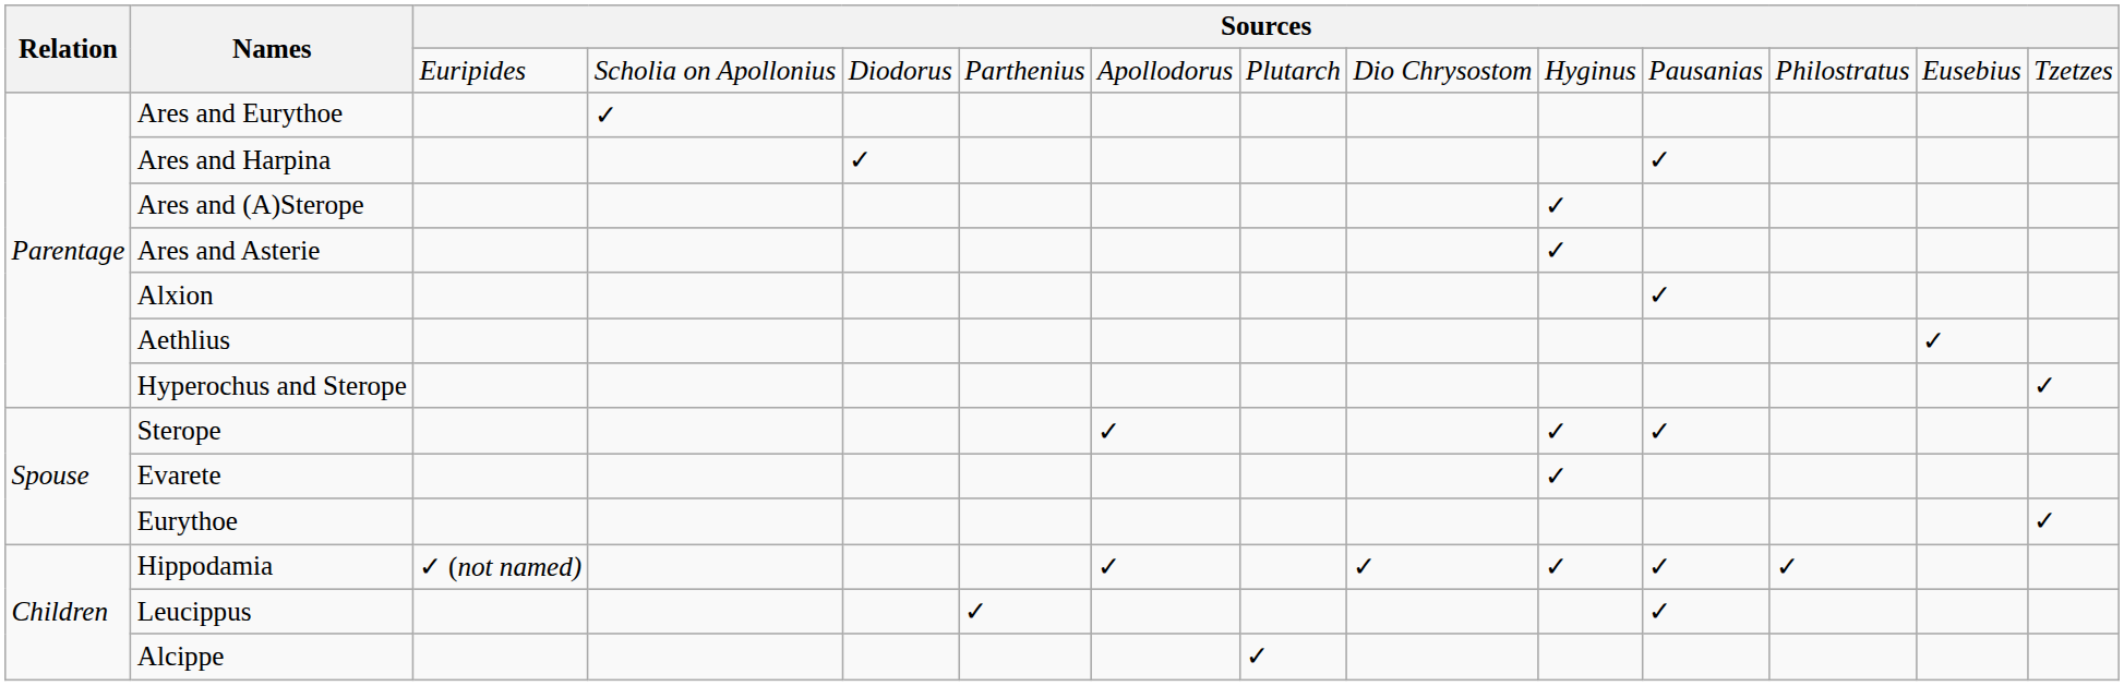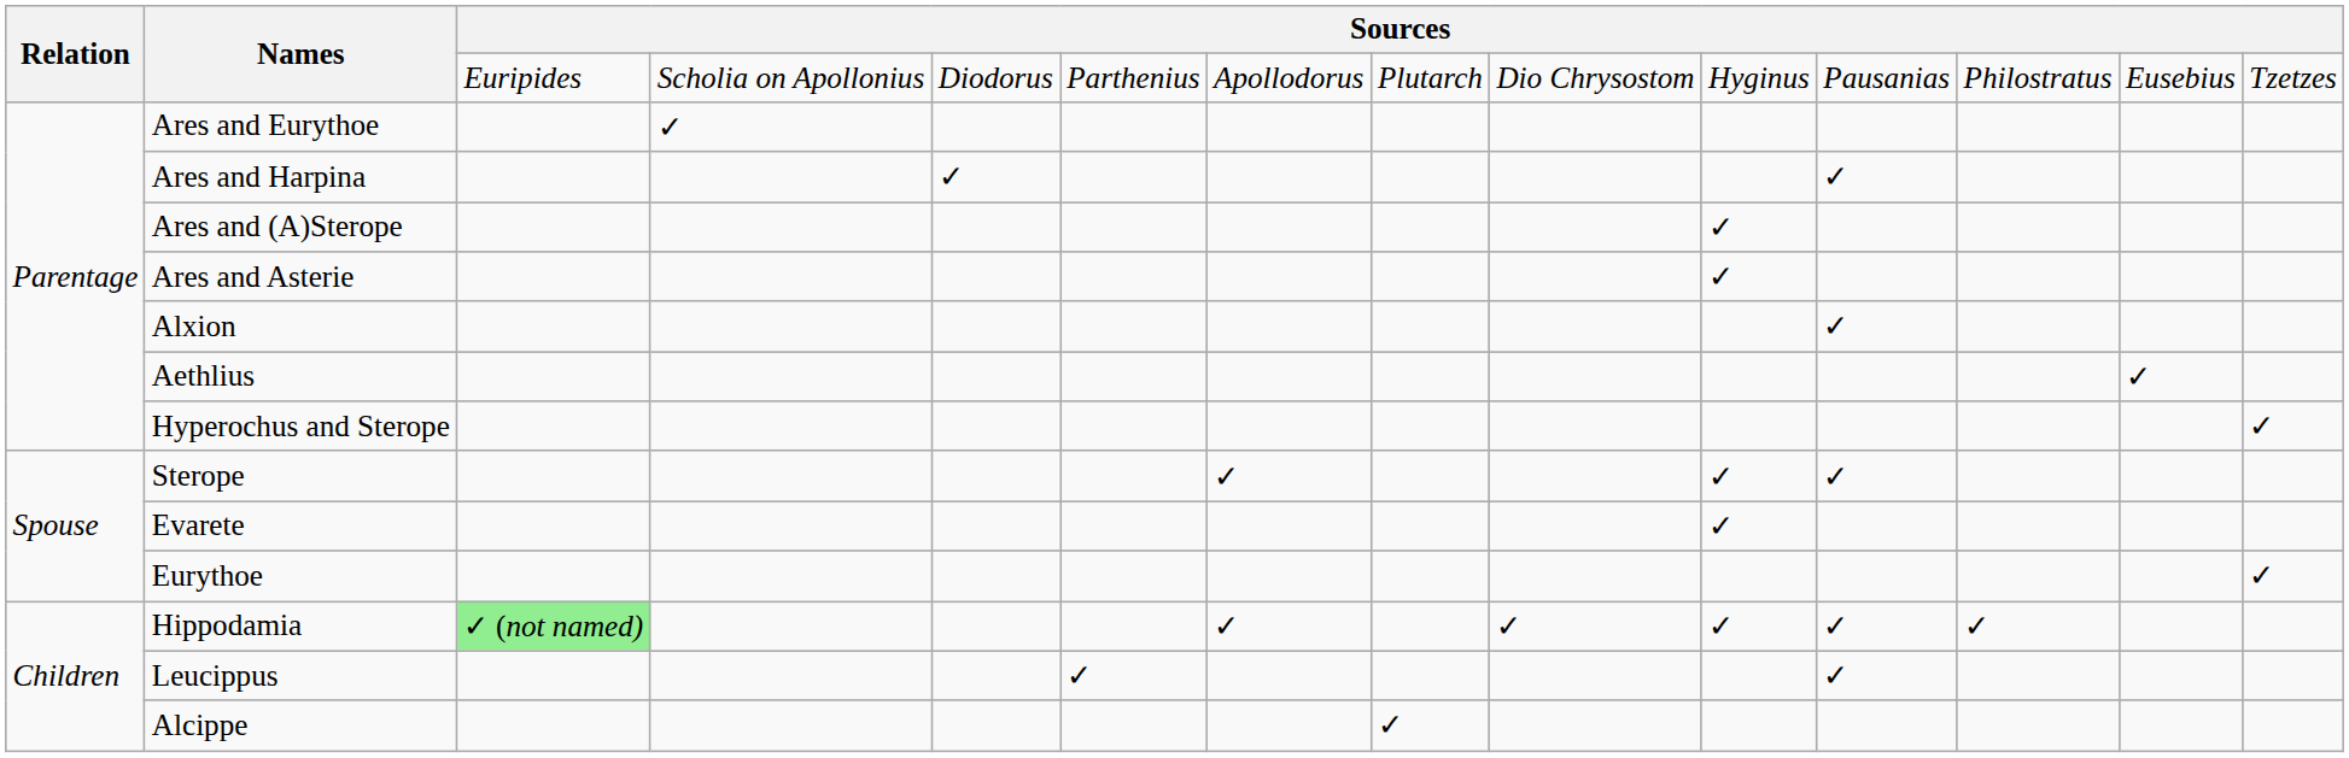 <table class="wikitable">
 <tr>
 <th rowspan="2">Relation</th>
 <th rowspan="2">Names</th>
 <th colspan="12">Sources</th>
 </tr>
 <tr>
 <td><em>Euripides</em></td>
 <td><em>Scholia on Apollonius</em></td>
 <td><em>Diodorus</em></td>
 <td><em>Parthenius</em></td>
 <td><em>Apollodorus</em></td>
 <td><em>Plutarch</em></td>
 <td><em>Dio Chrysostom</em></td>
 <td><em>Hyginus</em></td>
 <td><em>Pausanias</em></td>
 <td><em>Philostratus</em></td>
 <td><em>Eusebius</em></td>
 <td><em>Tzetzes</em></td>
 </tr>
 <tr>
 <td rowspan="7"><em>Parentage</em></td>
 <td>Ares and Eurythoe</td>
 <td></td>
 <td>✓</td>
 <td></td>
 <td></td>
 <td></td>
 <td></td>
 <td></td>
 <td></td>
 <td></td>
 <td></td>
 <td></td>
 <td></td>
 </tr>
 <tr>
 <td>Ares and Harpina</td>
 <td></td>
 <td></td>
 <td>✓</td>
 <td></td>
 <td></td>
 <td></td>
 <td></td>
 <td></td>
 <td>✓</td>
 <td></td>
 <td></td>
 <td></td>
 </tr>
 <tr>
 <td>Ares and (A)Sterope</td>
 <td></td>
 <td></td>
 <td></td>
 <td></td>
 <td></td>
 <td></td>
 <td></td>
 <td>✓</td>
 <td></td>
 <td></td>
 <td></td>
 <td></td>
 </tr>
 <tr>
 <td>Ares and Asterie</td>
 <td></td>
 <td></td>
 <td></td>
 <td></td>
 <td></td>
 <td></td>
 <td></td>
 <td>✓</td>
 <td></td>
 <td></td>
 <td></td>
 <td></td>
 </tr>
 <tr>
 <td>Alxion</td>
 <td></td>
 <td></td>
 <td></td>
 <td></td>
 <td></td>
 <td></td>
 <td></td>
 <td></td>
 <td>✓</td>
 <td></td>
 <td></td>
 <td></td>
 </tr>
 <tr>
 <td>Aethlius</td>
 <td></td>
 <td></td>
 <td></td>
 <td></td>
 <td></td>
 <td></td>
 <td></td>
 <td></td>
 <td></td>
 <td></td>
 <td>✓</td>
 <td></td>
 </tr>
 <tr>
 <td>Hyperochus and Sterope</td>
 <td></td>
 <td></td>
 <td></td>
 <td></td>
 <td></td>
 <td></td>
 <td></td>
 <td></td>
 <td></td>
 <td></td>
 <td></td>
 <td>✓</td>
 </tr>
 <tr>
 <td rowspan="3"><em>Spouse</em></td>
 <td>Sterope</td>
 <td></td>
 <td></td>
 <td></td>
 <td></td>
 <td>✓</td>
 <td></td>
 <td></td>
 <td>✓</td>
 <td>✓</td>
 <td></td>
 <td></td>
 <td></td>
 </tr>
 <tr>
 <td>Evarete</td>
 <td></td>
 <td></td>
 <td></td>
 <td></td>
 <td></td>
 <td></td>
 <td></td>
 <td>✓</td>
 <td></td>
 <td></td>
 <td></td>
 <td></td>
 </tr>
 <tr>
 <td>Eurythoe</td>
 <td></td>
 <td></td>
 <td></td>
 <td></td>
 <td></td>
 <td></td>
 <td></td>
 <td></td>
 <td></td>
 <td></td>
 <td></td>
 <td>✓</td>
 </tr>
 <tr>
 <td rowspan="3"><em>Children</em></td>
 <td>Hippodamia</td>
-<td>✓ (<em>not named)</em></td>
+<td style="background: lightgreen;">✓ (<em>not named)</em></td>
 <td></td>
 <td></td>
 <td></td>
 <td>✓</td>
 <td></td>
 <td>✓</td>
 <td>✓</td>
 <td>✓</td>
 <td>✓</td>
 <td></td>
 <td></td>
 </tr>
 <tr>
 <td>Leucippus</td>
 <td></td>
 <td></td>
 <td></td>
 <td>✓</td>
 <td></td>
 <td></td>
 <td></td>
 <td></td>
 <td>✓</td>
 <td></td>
 <td></td>
 <td></td>
 </tr>
 <tr>
 <td>Alcippe</td>
 <td></td>
 <td></td>
 <td></td>
 <td></td>
 <td></td>
 <td>✓</td>
 <td></td>
 <td></td>
 <td></td>
 <td></td>
 <td></td>
 <td></td>
 </tr>
 </table>
